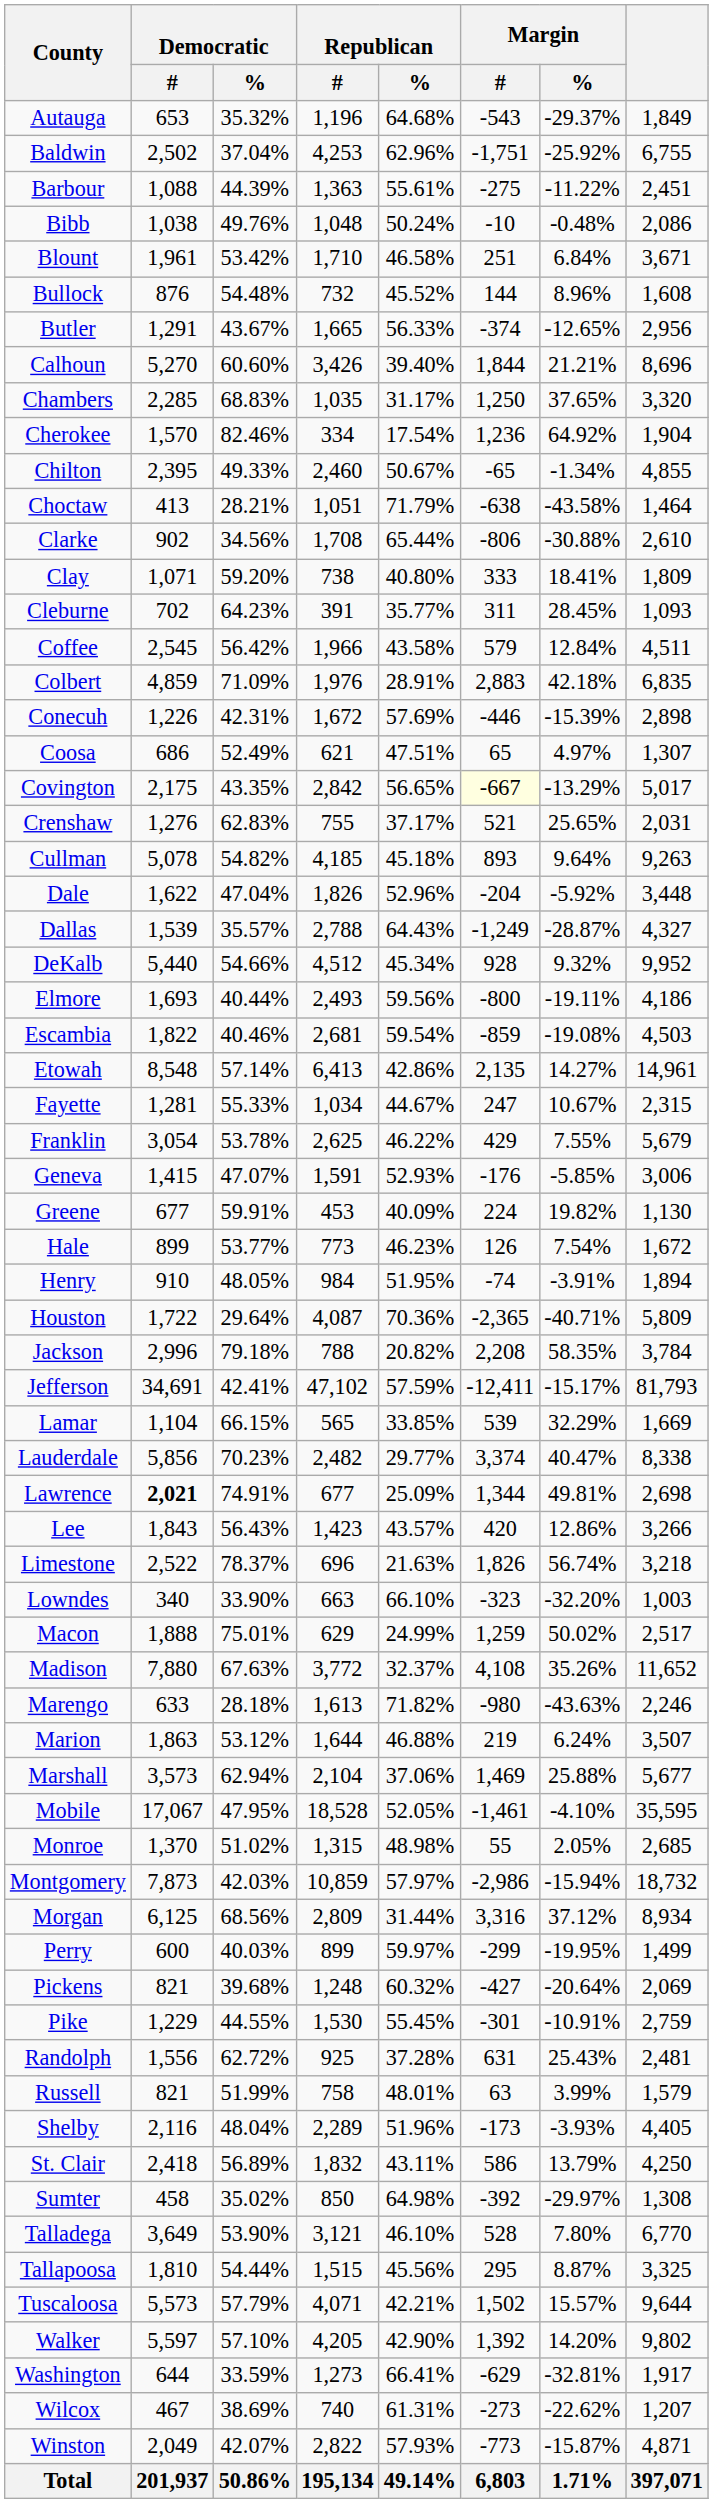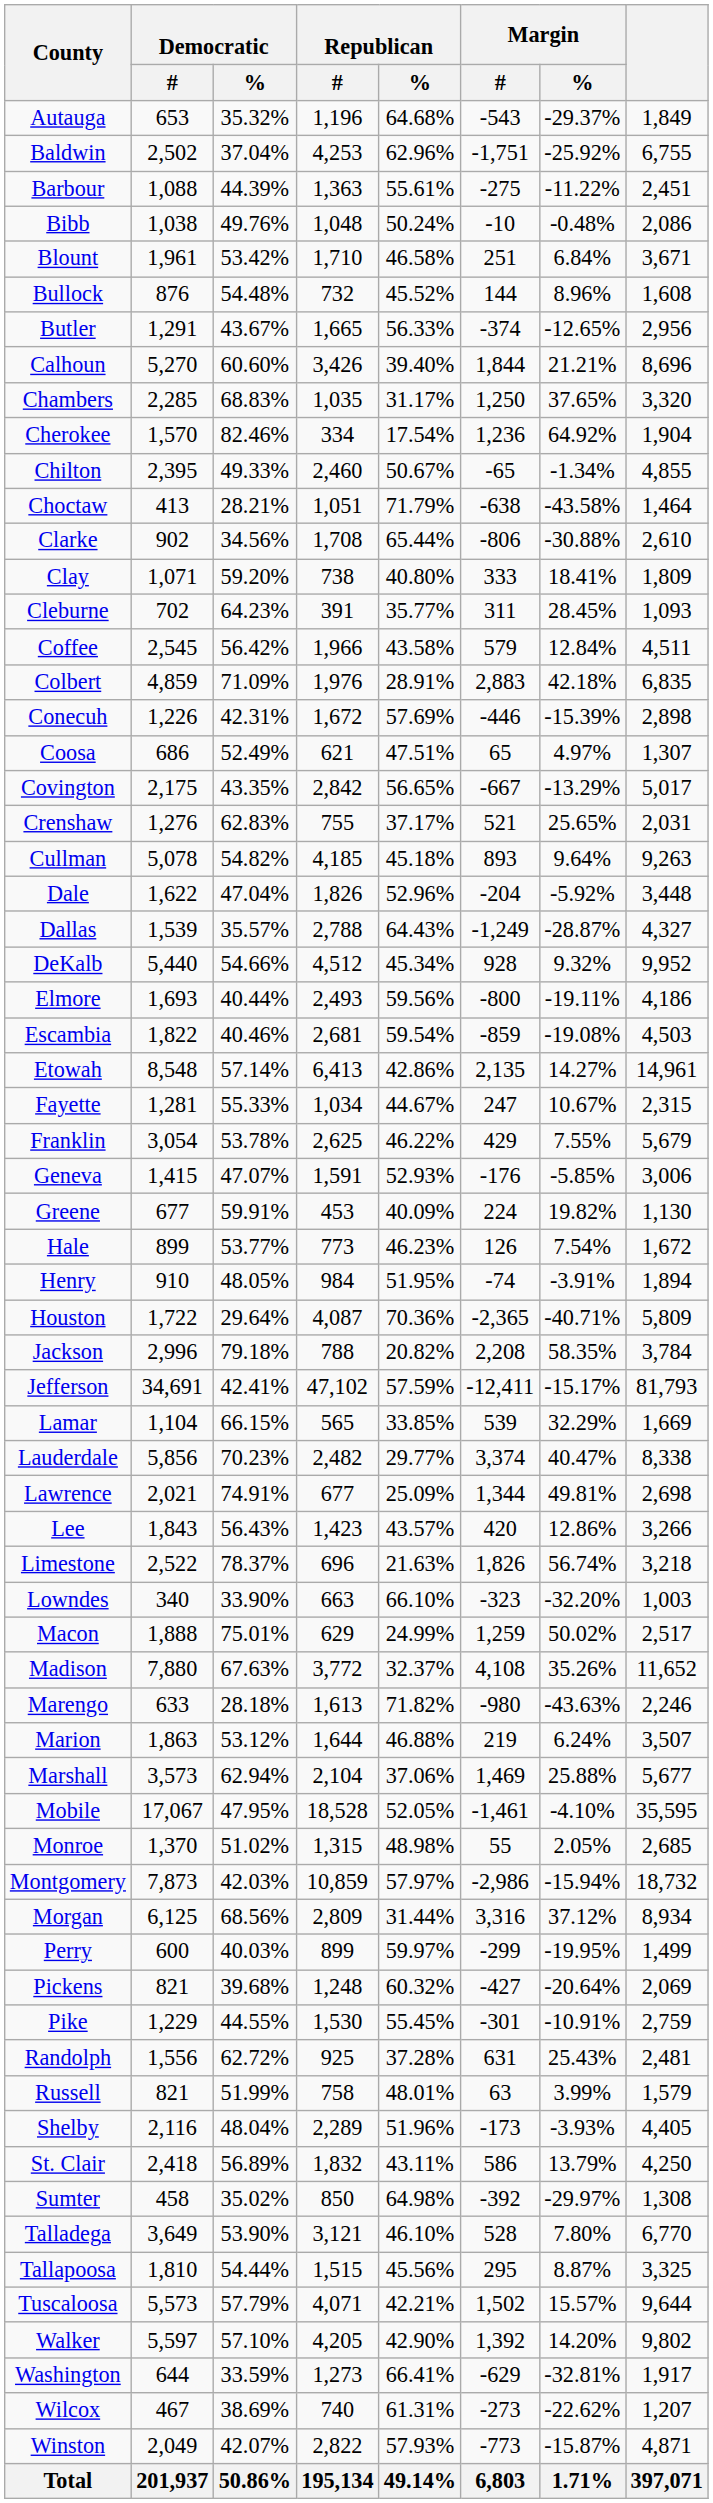 <table class="wikitable sortable mw-collapsible mw-collapsed" style="text-align:center">
 <tr>
 <th style="text-align:center;" rowspan="2">County</th>
 <th style="text-align:center;" colspan="2"><br>Democratic</th>
 <th style="text-align:center;" colspan="2"><br>Republican</th>
 <th style="text-align:center;" colspan="2">Margin</th>
 <th style="text-align:center;" rowspan="2"></th>
 </tr>
 <tr>
 <th data-sort-type="number">#</th>
 <th data-sort-type="number">%</th>
 <th data-sort-type="number">#</th>
 <th data-sort-type="number">%</th>
 <th data-sort-type="number">#</th>
 <th data-sort-type="number">%</th>
 </tr>
 <tr>
 <td><a href='#'>Autauga</a></td>
 <td>653</td>
 <td>35.32%</td>
 <td>1,196</td>
 <td>64.68%</td>
 <td>-543</td>
 <td>-29.37%</td>
 <td>1,849</td>
 </tr>
 <tr>
 <td><a href='#'>Baldwin</a></td>
 <td>2,502</td>
 <td>37.04%</td>
 <td>4,253</td>
 <td>62.96%</td>
 <td>-1,751</td>
 <td>-25.92%</td>
 <td>6,755</td>
 </tr>
 <tr>
 <td><a href='#'>Barbour</a></td>
 <td>1,088</td>
 <td>44.39%</td>
 <td>1,363</td>
 <td>55.61%</td>
 <td>-275</td>
 <td>-11.22%</td>
 <td>2,451</td>
 </tr>
 <tr>
 <td><a href='#'>Bibb</a></td>
 <td>1,038</td>
 <td>49.76%</td>
 <td>1,048</td>
 <td>50.24%</td>
 <td>-10</td>
 <td>-0.48%</td>
 <td>2,086</td>
 </tr>
 <tr>
 <td><a href='#'>Blount</a></td>
 <td>1,961</td>
 <td>53.42%</td>
 <td>1,710</td>
 <td>46.58%</td>
 <td>251</td>
 <td>6.84%</td>
 <td>3,671</td>
 </tr>
 <tr>
 <td><a href='#'>Bullock</a></td>
 <td>876</td>
 <td>54.48%</td>
 <td>732</td>
 <td>45.52%</td>
 <td>144</td>
 <td>8.96%</td>
 <td>1,608</td>
 </tr>
 <tr>
 <td><a href='#'>Butler</a></td>
 <td>1,291</td>
 <td>43.67%</td>
 <td>1,665</td>
 <td>56.33%</td>
 <td>-374</td>
 <td>-12.65%</td>
 <td>2,956</td>
 </tr>
 <tr>
 <td><a href='#'>Calhoun</a></td>
 <td>5,270</td>
 <td>60.60%</td>
 <td>3,426</td>
 <td>39.40%</td>
 <td>1,844</td>
 <td>21.21%</td>
 <td>8,696</td>
 </tr>
 <tr>
 <td><a href='#'>Chambers</a></td>
 <td>2,285</td>
 <td>68.83%</td>
 <td>1,035</td>
 <td>31.17%</td>
 <td>1,250</td>
 <td>37.65%</td>
 <td>3,320</td>
 </tr>
 <tr>
 <td><a href='#'>Cherokee</a></td>
 <td>1,570</td>
 <td>82.46%</td>
 <td>334</td>
 <td>17.54%</td>
 <td>1,236</td>
 <td>64.92%</td>
 <td>1,904</td>
 </tr>
 <tr>
 <td><a href='#'>Chilton</a></td>
 <td>2,395</td>
 <td>49.33%</td>
 <td>2,460</td>
 <td>50.67%</td>
 <td>-65</td>
 <td>-1.34%</td>
 <td>4,855</td>
 </tr>
 <tr>
 <td><a href='#'>Choctaw</a></td>
 <td>413</td>
 <td>28.21%</td>
 <td>1,051</td>
 <td>71.79%</td>
 <td>-638</td>
 <td>-43.58%</td>
 <td>1,464</td>
 </tr>
 <tr>
 <td><a href='#'>Clarke</a></td>
 <td>902</td>
 <td>34.56%</td>
 <td>1,708</td>
 <td>65.44%</td>
 <td>-806</td>
 <td>-30.88%</td>
 <td>2,610</td>
 </tr>
 <tr>
 <td><a href='#'>Clay</a></td>
 <td>1,071</td>
 <td>59.20%</td>
 <td>738</td>
 <td>40.80%</td>
 <td>333</td>
 <td>18.41%</td>
 <td>1,809</td>
 </tr>
 <tr>
 <td><a href='#'>Cleburne</a></td>
 <td>702</td>
 <td>64.23%</td>
 <td>391</td>
 <td>35.77%</td>
 <td>311</td>
 <td>28.45%</td>
 <td>1,093</td>
 </tr>
 <tr>
 <td><a href='#'>Coffee</a></td>
 <td>2,545</td>
 <td>56.42%</td>
 <td>1,966</td>
 <td>43.58%</td>
 <td>579</td>
 <td>12.84%</td>
 <td>4,511</td>
 </tr>
 <tr>
 <td><a href='#'>Colbert</a></td>
 <td>4,859</td>
 <td>71.09%</td>
 <td>1,976</td>
 <td>28.91%</td>
 <td>2,883</td>
 <td>42.18%</td>
 <td>6,835</td>
 </tr>
 <tr>
 <td><a href='#'>Conecuh</a></td>
 <td>1,226</td>
 <td>42.31%</td>
 <td>1,672</td>
 <td>57.69%</td>
 <td>-446</td>
 <td>-15.39%</td>
 <td>2,898</td>
 </tr>
 <tr>
 <td><a href='#'>Coosa</a></td>
 <td>686</td>
 <td>52.49%</td>
 <td>621</td>
 <td>47.51%</td>
 <td>65</td>
 <td>4.97%</td>
 <td>1,307</td>
 </tr>
 <tr>
 <td><a href='#'>Covington</a></td>
 <td>2,175</td>
 <td>43.35%</td>
 <td>2,842</td>
 <td>56.65%</td>
-<td style="background: lightyellow;">-667</td>
+<td>-667</td>
 <td>-13.29%</td>
 <td>5,017</td>
 </tr>
 <tr>
 <td><a href='#'>Crenshaw</a></td>
 <td>1,276</td>
 <td>62.83%</td>
 <td>755</td>
 <td>37.17%</td>
 <td>521</td>
 <td>25.65%</td>
 <td>2,031</td>
 </tr>
 <tr>
 <td><a href='#'>Cullman</a></td>
 <td>5,078</td>
 <td>54.82%</td>
 <td>4,185</td>
 <td>45.18%</td>
 <td>893</td>
 <td>9.64%</td>
 <td>9,263</td>
 </tr>
 <tr>
 <td><a href='#'>Dale</a></td>
 <td>1,622</td>
 <td>47.04%</td>
 <td>1,826</td>
 <td>52.96%</td>
 <td>-204</td>
 <td>-5.92%</td>
 <td>3,448</td>
 </tr>
 <tr>
 <td><a href='#'>Dallas</a></td>
 <td>1,539</td>
 <td>35.57%</td>
 <td>2,788</td>
 <td>64.43%</td>
 <td>-1,249</td>
 <td>-28.87%</td>
 <td>4,327</td>
 </tr>
 <tr>
 <td><a href='#'>DeKalb</a></td>
 <td>5,440</td>
 <td>54.66%</td>
 <td>4,512</td>
 <td>45.34%</td>
 <td>928</td>
 <td>9.32%</td>
 <td>9,952</td>
 </tr>
 <tr>
 <td><a href='#'>Elmore</a></td>
 <td>1,693</td>
 <td>40.44%</td>
 <td>2,493</td>
 <td>59.56%</td>
 <td>-800</td>
 <td>-19.11%</td>
 <td>4,186</td>
 </tr>
 <tr>
 <td><a href='#'>Escambia</a></td>
 <td>1,822</td>
 <td>40.46%</td>
 <td>2,681</td>
 <td>59.54%</td>
 <td>-859</td>
 <td>-19.08%</td>
 <td>4,503</td>
 </tr>
 <tr>
 <td><a href='#'>Etowah</a></td>
 <td>8,548</td>
 <td>57.14%</td>
 <td>6,413</td>
 <td>42.86%</td>
 <td>2,135</td>
 <td>14.27%</td>
 <td>14,961</td>
 </tr>
 <tr>
 <td><a href='#'>Fayette</a></td>
 <td>1,281</td>
 <td>55.33%</td>
 <td>1,034</td>
 <td>44.67%</td>
 <td>247</td>
 <td>10.67%</td>
 <td>2,315</td>
 </tr>
 <tr>
 <td><a href='#'>Franklin</a></td>
 <td>3,054</td>
 <td>53.78%</td>
 <td>2,625</td>
 <td>46.22%</td>
 <td>429</td>
 <td>7.55%</td>
 <td>5,679</td>
 </tr>
 <tr>
 <td><a href='#'>Geneva</a></td>
 <td>1,415</td>
 <td>47.07%</td>
 <td>1,591</td>
 <td>52.93%</td>
 <td>-176</td>
 <td>-5.85%</td>
 <td>3,006</td>
 </tr>
 <tr>
 <td><a href='#'>Greene</a></td>
 <td>677</td>
 <td>59.91%</td>
 <td>453</td>
 <td>40.09%</td>
 <td>224</td>
 <td>19.82%</td>
 <td>1,130</td>
 </tr>
 <tr>
 <td><a href='#'>Hale</a></td>
 <td>899</td>
 <td>53.77%</td>
 <td>773</td>
 <td>46.23%</td>
 <td>126</td>
 <td>7.54%</td>
 <td>1,672</td>
 </tr>
 <tr>
 <td><a href='#'>Henry</a></td>
 <td>910</td>
 <td>48.05%</td>
 <td>984</td>
 <td>51.95%</td>
 <td>-74</td>
 <td>-3.91%</td>
 <td>1,894</td>
 </tr>
 <tr>
 <td><a href='#'>Houston</a></td>
 <td>1,722</td>
 <td>29.64%</td>
 <td>4,087</td>
 <td>70.36%</td>
 <td>-2,365</td>
 <td>-40.71%</td>
 <td>5,809</td>
 </tr>
 <tr>
 <td><a href='#'>Jackson</a></td>
 <td>2,996</td>
 <td>79.18%</td>
 <td>788</td>
 <td>20.82%</td>
 <td>2,208</td>
 <td>58.35%</td>
 <td>3,784</td>
 </tr>
 <tr>
 <td><a href='#'>Jefferson</a></td>
 <td>34,691</td>
 <td>42.41%</td>
 <td>47,102</td>
 <td>57.59%</td>
 <td>-12,411</td>
 <td>-15.17%</td>
 <td>81,793</td>
 </tr>
 <tr>
 <td><a href='#'>Lamar</a></td>
 <td>1,104</td>
 <td>66.15%</td>
 <td>565</td>
 <td>33.85%</td>
 <td>539</td>
 <td>32.29%</td>
 <td>1,669</td>
 </tr>
 <tr>
 <td><a href='#'>Lauderdale</a></td>
 <td>5,856</td>
 <td>70.23%</td>
 <td>2,482</td>
 <td>29.77%</td>
 <td>3,374</td>
 <td>40.47%</td>
 <td>8,338</td>
 </tr>
 <tr>
 <td><a href='#'>Lawrence</a></td>
-<td><strong>2,021</strong></td>
+<td>2,021</td>
 <td>74.91%</td>
 <td>677</td>
 <td>25.09%</td>
 <td>1,344</td>
 <td>49.81%</td>
 <td>2,698</td>
 </tr>
 <tr>
 <td><a href='#'>Lee</a></td>
 <td>1,843</td>
 <td>56.43%</td>
 <td>1,423</td>
 <td>43.57%</td>
 <td>420</td>
 <td>12.86%</td>
 <td>3,266</td>
 </tr>
 <tr>
 <td><a href='#'>Limestone</a></td>
 <td>2,522</td>
 <td>78.37%</td>
 <td>696</td>
 <td>21.63%</td>
 <td>1,826</td>
 <td>56.74%</td>
 <td>3,218</td>
 </tr>
 <tr>
 <td><a href='#'>Lowndes</a></td>
 <td>340</td>
 <td>33.90%</td>
 <td>663</td>
 <td>66.10%</td>
 <td>-323</td>
 <td>-32.20%</td>
 <td>1,003</td>
 </tr>
 <tr>
 <td><a href='#'>Macon</a></td>
 <td>1,888</td>
 <td>75.01%</td>
 <td>629</td>
 <td>24.99%</td>
 <td>1,259</td>
 <td>50.02%</td>
 <td>2,517</td>
 </tr>
 <tr>
 <td><a href='#'>Madison</a></td>
 <td>7,880</td>
 <td>67.63%</td>
 <td>3,772</td>
 <td>32.37%</td>
 <td>4,108</td>
 <td>35.26%</td>
 <td>11,652</td>
 </tr>
 <tr>
 <td><a href='#'>Marengo</a></td>
 <td>633</td>
 <td>28.18%</td>
 <td>1,613</td>
 <td>71.82%</td>
 <td>-980</td>
 <td>-43.63%</td>
 <td>2,246</td>
 </tr>
 <tr>
 <td><a href='#'>Marion</a></td>
 <td>1,863</td>
 <td>53.12%</td>
 <td>1,644</td>
 <td>46.88%</td>
 <td>219</td>
 <td>6.24%</td>
 <td>3,507</td>
 </tr>
 <tr>
 <td><a href='#'>Marshall</a></td>
 <td>3,573</td>
 <td>62.94%</td>
 <td>2,104</td>
 <td>37.06%</td>
 <td>1,469</td>
 <td>25.88%</td>
 <td>5,677</td>
 </tr>
 <tr>
 <td><a href='#'>Mobile</a></td>
 <td>17,067</td>
 <td>47.95%</td>
 <td>18,528</td>
 <td>52.05%</td>
 <td>-1,461</td>
 <td>-4.10%</td>
 <td>35,595</td>
 </tr>
 <tr>
 <td><a href='#'>Monroe</a></td>
 <td>1,370</td>
 <td>51.02%</td>
 <td>1,315</td>
 <td>48.98%</td>
 <td>55</td>
 <td>2.05%</td>
 <td>2,685</td>
 </tr>
 <tr>
 <td><a href='#'>Montgomery</a></td>
 <td>7,873</td>
 <td>42.03%</td>
 <td>10,859</td>
 <td>57.97%</td>
 <td>-2,986</td>
 <td>-15.94%</td>
 <td>18,732</td>
 </tr>
 <tr>
 <td><a href='#'>Morgan</a></td>
 <td>6,125</td>
 <td>68.56%</td>
 <td>2,809</td>
 <td>31.44%</td>
 <td>3,316</td>
 <td>37.12%</td>
 <td>8,934</td>
 </tr>
 <tr>
 <td><a href='#'>Perry</a></td>
 <td>600</td>
 <td>40.03%</td>
 <td>899</td>
 <td>59.97%</td>
 <td>-299</td>
 <td>-19.95%</td>
 <td>1,499</td>
 </tr>
 <tr>
 <td><a href='#'>Pickens</a></td>
 <td>821</td>
 <td>39.68%</td>
 <td>1,248</td>
 <td>60.32%</td>
 <td>-427</td>
 <td>-20.64%</td>
 <td>2,069</td>
 </tr>
 <tr>
 <td><a href='#'>Pike</a></td>
 <td>1,229</td>
 <td>44.55%</td>
 <td>1,530</td>
 <td>55.45%</td>
 <td>-301</td>
 <td>-10.91%</td>
 <td>2,759</td>
 </tr>
 <tr>
 <td><a href='#'>Randolph</a></td>
 <td>1,556</td>
 <td>62.72%</td>
 <td>925</td>
 <td>37.28%</td>
 <td>631</td>
 <td>25.43%</td>
 <td>2,481</td>
 </tr>
 <tr>
 <td><a href='#'>Russell</a></td>
 <td>821</td>
 <td>51.99%</td>
 <td>758</td>
 <td>48.01%</td>
 <td>63</td>
 <td>3.99%</td>
 <td>1,579</td>
 </tr>
 <tr>
 <td><a href='#'>Shelby</a></td>
 <td>2,116</td>
 <td>48.04%</td>
 <td>2,289</td>
 <td>51.96%</td>
 <td>-173</td>
 <td>-3.93%</td>
 <td>4,405</td>
 </tr>
 <tr>
 <td><a href='#'>St. Clair</a></td>
 <td>2,418</td>
 <td>56.89%</td>
 <td>1,832</td>
 <td>43.11%</td>
 <td>586</td>
 <td>13.79%</td>
 <td>4,250</td>
 </tr>
 <tr>
 <td><a href='#'>Sumter</a></td>
 <td>458</td>
 <td>35.02%</td>
 <td>850</td>
 <td>64.98%</td>
 <td>-392</td>
 <td>-29.97%</td>
 <td>1,308</td>
 </tr>
 <tr>
 <td><a href='#'>Talladega</a></td>
 <td>3,649</td>
 <td>53.90%</td>
 <td>3,121</td>
 <td>46.10%</td>
 <td>528</td>
 <td>7.80%</td>
 <td>6,770</td>
 </tr>
 <tr>
 <td><a href='#'>Tallapoosa</a></td>
 <td>1,810</td>
 <td>54.44%</td>
 <td>1,515</td>
 <td>45.56%</td>
 <td>295</td>
 <td>8.87%</td>
 <td>3,325</td>
 </tr>
 <tr>
 <td><a href='#'>Tuscaloosa</a></td>
 <td>5,573</td>
 <td>57.79%</td>
 <td>4,071</td>
 <td>42.21%</td>
 <td>1,502</td>
 <td>15.57%</td>
 <td>9,644</td>
 </tr>
 <tr>
 <td><a href='#'>Walker</a></td>
 <td>5,597</td>
 <td>57.10%</td>
 <td>4,205</td>
 <td>42.90%</td>
 <td>1,392</td>
 <td>14.20%</td>
 <td>9,802</td>
 </tr>
 <tr>
 <td><a href='#'>Washington</a></td>
 <td>644</td>
 <td>33.59%</td>
 <td>1,273</td>
 <td>66.41%</td>
 <td>-629</td>
 <td>-32.81%</td>
 <td>1,917</td>
 </tr>
 <tr>
 <td><a href='#'>Wilcox</a></td>
 <td>467</td>
 <td>38.69%</td>
 <td>740</td>
 <td>61.31%</td>
 <td>-273</td>
 <td>-22.62%</td>
 <td>1,207</td>
 </tr>
 <tr>
 <td><a href='#'>Winston</a></td>
 <td>2,049</td>
 <td>42.07%</td>
 <td>2,822</td>
 <td>57.93%</td>
 <td>-773</td>
 <td>-15.87%</td>
 <td>4,871</td>
 </tr>
 <tr>
 <th>Total</th>
 <th>201,937</th>
 <th>50.86%</th>
 <th>195,134</th>
 <th>49.14%</th>
 <th>6,803</th>
 <th>1.71%</th>
 <th>397,071</th>
 </tr>
 </table>
